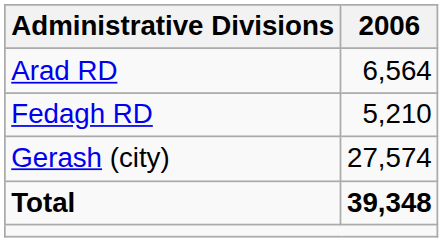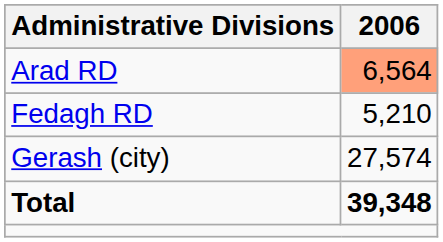 <table class="wikitable">
 <tr>
 <th>Administrative Divisions</th>
 <th>2006</th>
 </tr>
 <tr>
 <td><a href='#'>Arad RD</a></td>
-<td style="text-align: right;">6,564</td>
+<td style="background: lightsalmon; text-align: right;">6,564</td>
 </tr>
 <tr>
 <td><a href='#'>Fedagh RD</a></td>
 <td style="text-align: right;">5,210</td>
 </tr>
 <tr>
 <td><a href='#'>Gerash</a> (city)</td>
 <td style="text-align: right;">27,574</td>
 </tr>
 <tr>
 <td><strong>Total</strong></td>
 <td style="text-align: right;"><strong>39,348</strong></td>
 </tr>
 <tr>
 <td colspan=2></td>
 </tr>
 </table>
